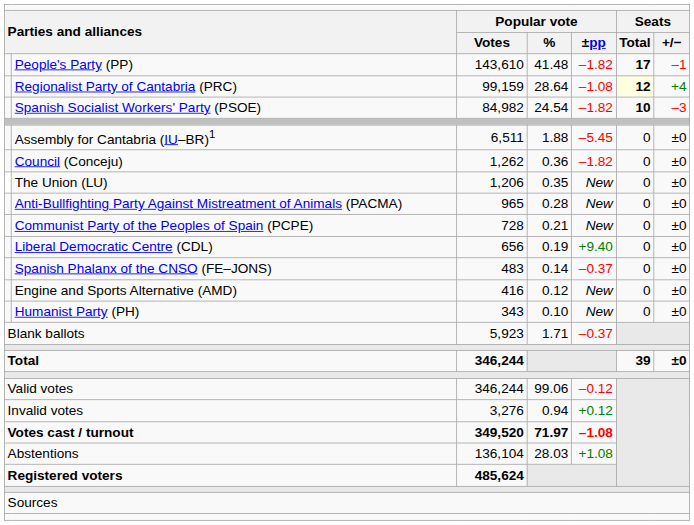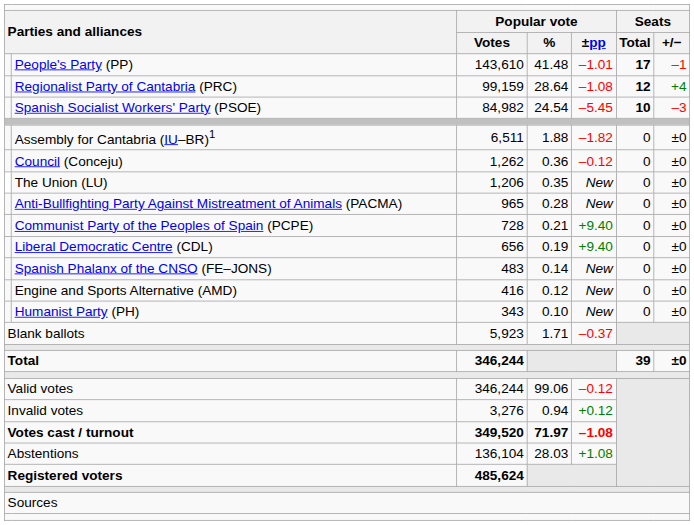 <table class="wikitable" style="text-align:right;">
 <tr>
 <td colspan="7"></td>
 </tr>
 <tr>
 <th style="text-align:left;" rowspan="2" colspan="2" width="525">Parties and alliances</th>
 <th colspan="3">Popular vote</th>
 <th colspan="2">Seats</th>
 </tr>
 <tr>
 <th width="75">Votes</th>
 <th width="45">%</th>
 <th width="45">±<a href='#'>pp</a></th>
 <th width="35">Total</th>
 <th width="35">+/−</th>
 </tr>
 <tr>
 <td width="1" style="color:inherit;background:"></td>
 <td align="left"><a href='#'>People's Party</a> (PP)</td>
 <td>143,610</td>
 <td>41.48</td>
-<td style="color:red;">–1.82</td>
+<td style="color:red;">–1.01</td>
 <td><strong>17</strong></td>
 <td style="color:red;">–1</td>
 </tr>
 <tr>
 <td style="color:inherit;background:"></td>
 <td align="left"><a href='#'>Regionalist Party of Cantabria</a> (PRC)</td>
 <td>99,159</td>
 <td>28.64</td>
 <td style="color:red;">–1.08</td>
-<td style="background: lightyellow;"><strong>12</strong></td>
+<td><strong>12</strong></td>
 <td style="color:green;">+4</td>
 </tr>
 <tr>
 <td style="color:inherit;background:"></td>
 <td align="left"><a href='#'>Spanish Socialist Workers' Party</a> (PSOE)</td>
 <td>84,982</td>
 <td>24.54</td>
-<td style="color:red;">–1.82</td>
+<td style="color:red;">–5.45</td>
 <td><strong>10</strong></td>
 <td style="color:red;">–3</td>
 </tr>
 <tr>
 <td colspan="7" bgcolor="#C0C0C0"></td>
 </tr>
 <tr>
 <td style="color:inherit;background:"></td>
 <td align="left">Assembly for Cantabria (<a href='#'>IU</a>–BR)<sup>1</sup></td>
 <td>6,511</td>
 <td>1.88</td>
-<td style="color:red;">–5.45</td>
+<td style="color:red;">–1.82</td>
 <td>0</td>
 <td>±0</td>
 </tr>
 <tr>
 <td style="color:inherit;background:"></td>
 <td align="left"><a href='#'>Council</a> (Conceju)</td>
 <td>1,262</td>
 <td>0.36</td>
-<td style="color:red;">–1.82</td>
+<td style="color:red;">–0.12</td>
 <td>0</td>
 <td>±0</td>
 </tr>
 <tr>
 <td bgcolor="white"></td>
 <td align="left">The Union (LU)</td>
 <td>1,206</td>
 <td>0.35</td>
 <td><em>New</em></td>
 <td>0</td>
 <td>±0</td>
 </tr>
 <tr>
 <td style="color:inherit;background:"></td>
 <td align="left"><a href='#'>Anti-Bullfighting Party Against Mistreatment of Animals</a> (PACMA)</td>
 <td>965</td>
 <td>0.28</td>
 <td><em>New</em></td>
 <td>0</td>
 <td>±0</td>
 </tr>
 <tr>
 <td style="color:inherit;background:"></td>
 <td align="left"><a href='#'>Communist Party of the Peoples of Spain</a> (PCPE)</td>
 <td>728</td>
 <td>0.21</td>
-<td><em>New</em></td>
+<td style="color:green;">+9.40</td>
 <td>0</td>
 <td>±0</td>
 </tr>
 <tr>
 <td style="color:inherit;background:"></td>
 <td align="left"><a href='#'>Liberal Democratic Centre</a> (CDL)</td>
 <td>656</td>
 <td>0.19</td>
 <td style="color:green;">+9.40</td>
 <td>0</td>
 <td>±0</td>
 </tr>
 <tr>
 <td style="color:inherit;background:"></td>
 <td align="left"><a href='#'>Spanish Phalanx of the CNSO</a> (FE–JONS)</td>
 <td>483</td>
 <td>0.14</td>
-<td style="color:red;">–0.37</td>
+<td><em>New</em></td>
 <td>0</td>
 <td>±0</td>
 </tr>
 <tr>
 <td style="color:inherit;background:"></td>
 <td align="left">Engine and Sports Alternative (AMD)</td>
 <td>416</td>
 <td>0.12</td>
 <td><em>New</em></td>
 <td>0</td>
 <td>±0</td>
 </tr>
 <tr>
 <td style="color:inherit;background:"></td>
 <td align="left"><a href='#'>Humanist Party</a> (PH)</td>
 <td>343</td>
 <td>0.10</td>
 <td><em>New</em></td>
 <td>0</td>
 <td>±0</td>
 </tr>
 <tr>
 <td align="left" colspan="2">Blank ballots</td>
 <td>5,923</td>
 <td>1.71</td>
 <td style="color:red;">–0.37</td>
 <td bgcolor="#E9E9E9" colspan="2"></td>
 </tr>
 <tr>
 <td colspan="7" bgcolor="#E9E9E9"></td>
 </tr>
 <tr style="font-weight:bold;">
 <td align="left" colspan="2">Total</td>
 <td>346,244</td>
 <td bgcolor="#E9E9E9" colspan="2"></td>
 <td>39</td>
 <td>±0</td>
 </tr>
 <tr>
 <td colspan="7" bgcolor="#E9E9E9"></td>
 </tr>
 <tr>
 <td align="left" colspan="2">Valid votes</td>
 <td>346,244</td>
 <td>99.06</td>
 <td style="color:red;">–0.12</td>
 <td bgcolor="#E9E9E9" colspan="2" rowspan="5"></td>
 </tr>
 <tr>
 <td align="left" colspan="2">Invalid votes</td>
 <td>3,276</td>
 <td>0.94</td>
 <td style="color:green;">+0.12</td>
 </tr>
 <tr style="font-weight:bold;">
 <td align="left" colspan="2">Votes cast / turnout</td>
 <td>349,520</td>
 <td>71.97</td>
 <td style="color:red;">–1.08</td>
 </tr>
 <tr>
 <td align="left" colspan="2">Abstentions</td>
 <td>136,104</td>
 <td>28.03</td>
 <td style="color:green;">+1.08</td>
 </tr>
 <tr style="font-weight:bold;">
 <td align="left" colspan="2">Registered voters</td>
 <td>485,624</td>
 <td bgcolor="#E9E9E9" colspan="2"></td>
 </tr>
 <tr>
 <td colspan="7" bgcolor="#E9E9E9"></td>
 </tr>
 <tr>
 <td align="left" colspan="7">Sources</td>
 </tr>
 <tr>
 <td colspan="7" style="text-align:left; max-width:790px;"></td>
 </tr>
 </table>
